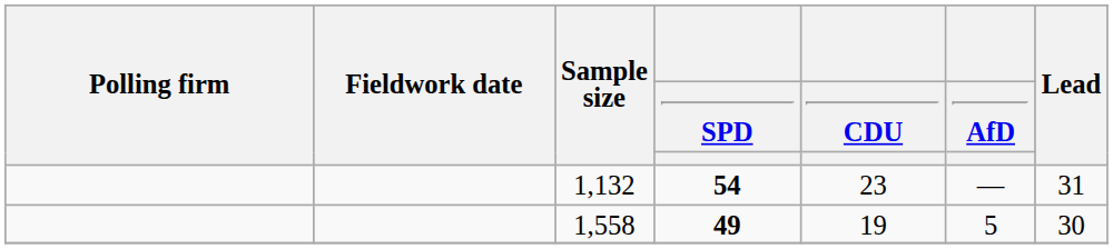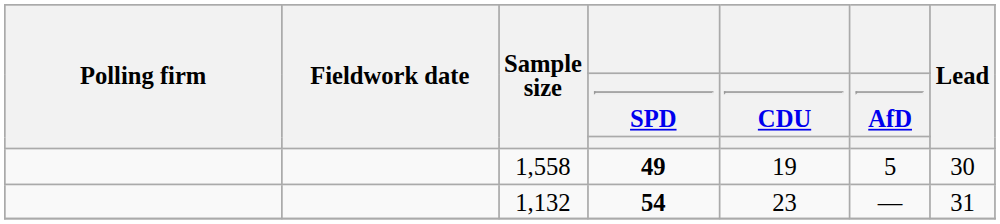 <table class="wikitable sortable" style="text-align:center;font-size:90%;line-height:14px;">
 <tr style="height:40px;">
 <th style="width:155px;" rowspan="3">Polling firm</th>
 <th style="width:120px;" rowspan="3">Fieldwork date</th>
 <th style="width:35px;" rowspan="3">Sample<br>size</th>
 <th class="unsortable" style="width:70px;"></th>
 <th class="unsortable" style="width:70px;"></th>
 <th class="unsortable"></th>
 <th style="width:30px;" rowspan="3">Lead</th>
 </tr>
 <tr>
 <th class="unsortable" style="width:40px;"><hr><a href='#'>SPD</a></th>
 <th class="unsortable" style="width:40px;"><hr><a href='#'>CDU</a></th>
 <th class="unsortable" style="width:40px;"><hr><a href='#'>AfD</a></th>
 </tr>
 <tr>
 <th style="background:"></th>
 <th style="background:"></th>
 <th style="background:"></th>
 </tr>
 <tr>
 <td></td>
 <td></td>
+<td>1,558</td>
+<td><strong>49</strong></td>
+<td>19</td>
+<td>5</td>
+<td style="background:">30</td>
+</tr>
+<tr>
+<td></td>
+<td></td>
 <td>1,132</td>
 <td><strong>54</strong></td>
 <td>23</td>
 <td>—</td>
 <td style="background:">31</td>
 </tr>
 <tr>
-<td></td>
-<td></td>
-<td>1,558</td>
-<td><strong>49</strong></td>
-<td>19</td>
-<td>5</td>
-<td style="background:">30</td>
-</tr>
-<tr>
 </tr>
 </table>
